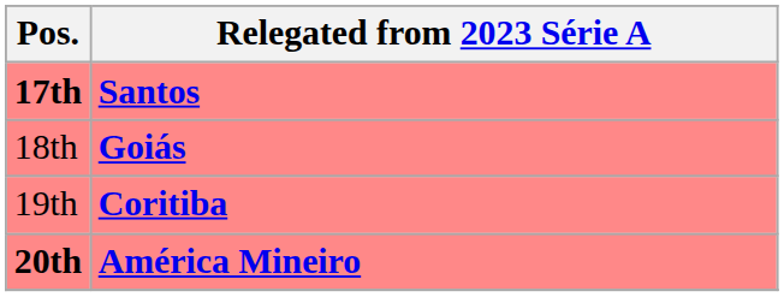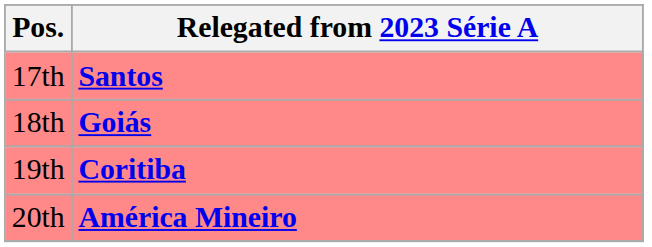 <table class="wikitable">
 <tr>
 <th align="center">Pos.</th>
 <th width="300">Relegated from <a href='#'>2023 Série A</a></th>
 </tr>
 <tr style="background: #FF8888;">
-<td><strong>17th</strong></td>
+<td>17th</td>
 <td><strong><a href='#'>Santos</a></strong></td>
 </tr>
 <tr style="background: #FF8888;">
 <td>18th</td>
 <td><strong><a href='#'>Goiás</a></strong></td>
 </tr>
 <tr style="background: #FF8888;">
 <td>19th</td>
 <td><strong><a href='#'>Coritiba</a></strong></td>
 </tr>
 <tr style="background: #FF8888;">
-<td><strong>20th</strong></td>
+<td>20th</td>
 <td><strong><a href='#'>América Mineiro</a></strong></td>
 </tr>
 <tr style="background: #FF8888;">
 </tr>
 </table>
